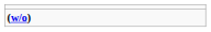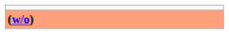 <table class="wikitable">
 <tr>
 <td style="width:18em"></td>
 </tr>
 <tr>
-<td style="width:18em"><strong> (<a href='#'>w/o</a>)</strong></td>
+<td style="background: lightsalmon; width:18em"><strong> (<a href='#'>w/o</a>)</strong></td>
 </tr>
 </table>
